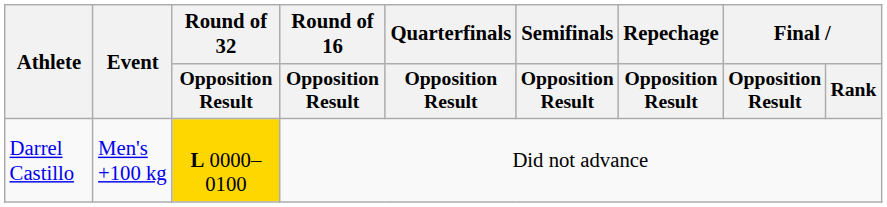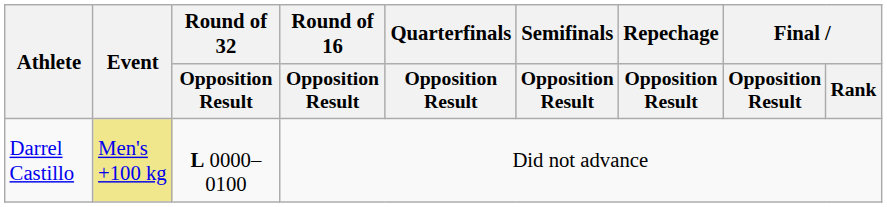 <table class="wikitable" style="font-size:90%">
 <tr>
 <th rowspan="2">Athlete</th>
 <th rowspan="2">Event</th>
 <th>Round of 32</th>
 <th>Round of 16</th>
 <th>Quarterfinals</th>
 <th>Semifinals</th>
 <th>Repechage</th>
 <th colspan=2>Final / </th>
 </tr>
 <tr style="font-size:95%">
 <th>Opposition<br>Result</th>
 <th>Opposition<br>Result</th>
 <th>Opposition<br>Result</th>
 <th>Opposition<br>Result</th>
 <th>Opposition<br>Result</th>
 <th>Opposition<br>Result</th>
 <th>Rank</th>
 </tr>
 <tr align=center>
 <td align=left><a href='#'>Darrel Castillo</a></td>
-<td align=left><a href='#'>Men's +100 kg</a></td>
-<td style="background: gold;"><br><strong>L</strong> 0000–0100</td>
+<td align=left style="background: khaki;"><a href='#'>Men's +100 kg</a></td>
+<td><br><strong>L</strong> 0000–0100</td>
 <td colspan=6>Did not advance</td>
 </tr>
 </table>
